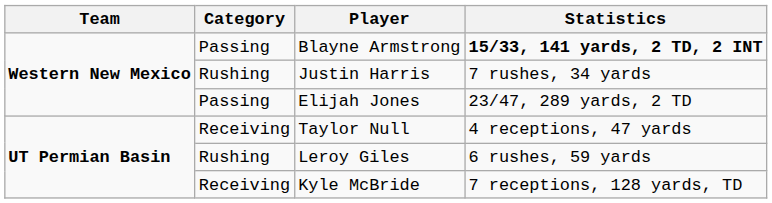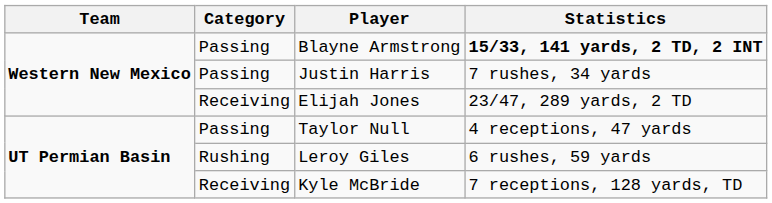 <table class="wikitable" style="float: right;">
 <tr>
 <th>Team</th>
 <th>Category</th>
 <th>Player</th>
 <th>Statistics</th>
 </tr>
 <tr>
 <td rowspan=3><strong>Western New Mexico</strong></td>
 <td>Passing</td>
 <td>Blayne Armstrong</td>
 <td><strong>15/33, 141 yards, 2 TD, 2 INT</strong></td>
 </tr>
 <tr>
-<td>Rushing</td>
+<td>Passing</td>
 <td>Justin Harris</td>
 <td>7 rushes, 34 yards</td>
 </tr>
 <tr>
-<td>Passing</td>
+<td>Receiving</td>
 <td>Elijah Jones</td>
 <td>23/47, 289 yards, 2 TD</td>
 </tr>
 <tr>
 <td rowspan=3><strong>UT Permian Basin</strong></td>
-<td>Receiving</td>
+<td>Passing</td>
 <td>Taylor Null</td>
 <td>4 receptions, 47 yards</td>
 </tr>
 <tr>
 <td>Rushing</td>
 <td>Leroy Giles</td>
 <td>6 rushes, 59 yards</td>
 </tr>
 <tr>
 <td>Receiving</td>
 <td>Kyle McBride</td>
 <td>7 receptions, 128 yards, TD</td>
 </tr>
 </table>
